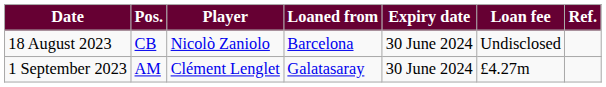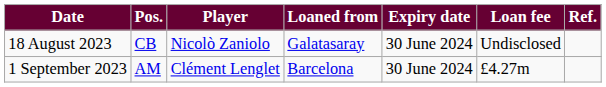 <table class="wikitable plainrowheaders sortable">
 <tr>
 <th style="background:#660033; color:#ffffff; ">Date</th>
 <th style="background:#660033; color:#ffffff; ">Pos.</th>
 <th style="background:#660033; color:#ffffff; ">Player</th>
 <th style="background:#660033; color:#ffffff; ">Loaned from</th>
 <th style="background:#660033; color:#ffffff; ">Expiry date</th>
 <th style="background:#660033; color:#ffffff; ">Loan fee</th>
 <th style="background:#660033; color:#ffffff; ">Ref.</th>
 </tr>
 <tr>
 <td>18 August 2023</td>
 <td><a href='#'>CB</a></td>
 <td> <a href='#'>Nicolò Zaniolo</a></td>
-<td> <a href='#'>Barcelona</a></td>
+<td> <a href='#'>Galatasaray</a></td>
 <td>30 June 2024</td>
 <td>Undisclosed</td>
 <td></td>
 </tr>
 <tr>
 <td>1 September 2023</td>
 <td><a href='#'>AM</a></td>
 <td> <a href='#'>Clément Lenglet</a></td>
-<td> <a href='#'>Galatasaray</a></td>
+<td> <a href='#'>Barcelona</a></td>
 <td>30 June 2024</td>
 <td>£4.27m</td>
 <td></td>
 </tr>
 </table>
